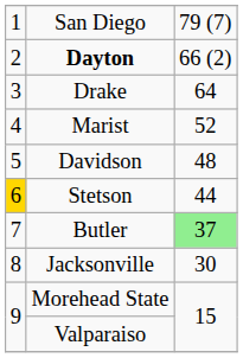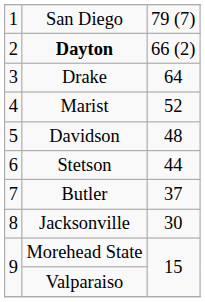 <table class="wikitable">
 <tr align="center">
 </tr>
 <tr align="center">
 <td>1</td>
 <td>San Diego</td>
 <td>79 (7)</td>
 </tr>
 <tr align="center">
 <td>2</td>
 <td><strong>Dayton</strong></td>
 <td>66 (2)</td>
 </tr>
 <tr align="center">
 <td>3</td>
 <td>Drake</td>
 <td>64</td>
 </tr>
 <tr align="center">
 <td>4</td>
 <td>Marist</td>
 <td>52</td>
 </tr>
 <tr align="center">
 <td>5</td>
 <td>Davidson</td>
 <td>48</td>
 </tr>
 <tr align="center">
-<td style="background: gold;">6</td>
+<td>6</td>
 <td>Stetson</td>
 <td>44</td>
 </tr>
 <tr align="center">
 <td>7</td>
 <td>Butler</td>
-<td style="background: lightgreen;">37</td>
+<td>37</td>
 </tr>
 <tr align="center">
 <td>8</td>
 <td>Jacksonville</td>
 <td>30</td>
 </tr>
 <tr align="center">
 <td rowspan=2>9</td>
 <td>Morehead State</td>
 <td rowspan=2>15</td>
 </tr>
 <tr align="center">
 <td>Valparaiso</td>
 </tr>
 <tr>
 </tr>
 </table>
